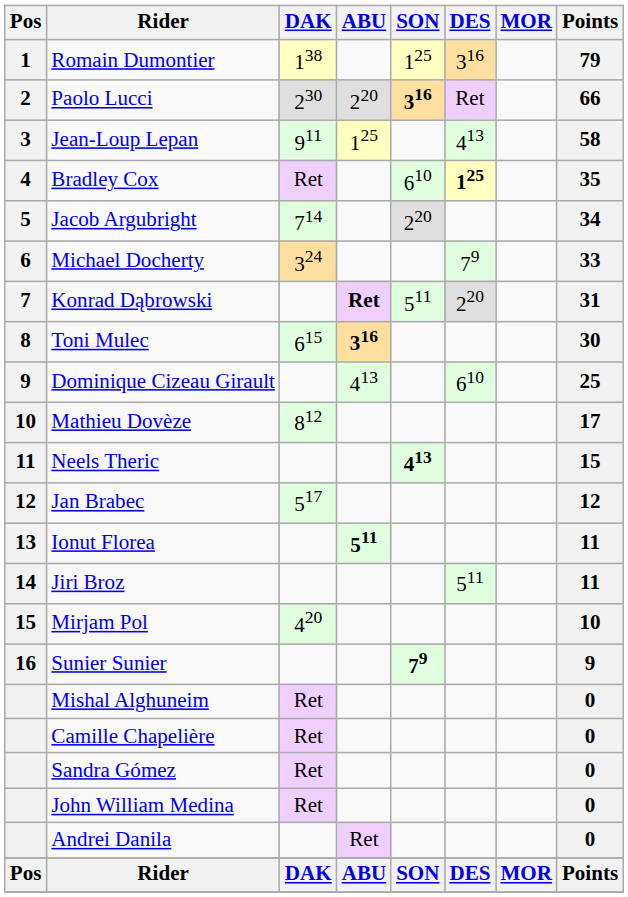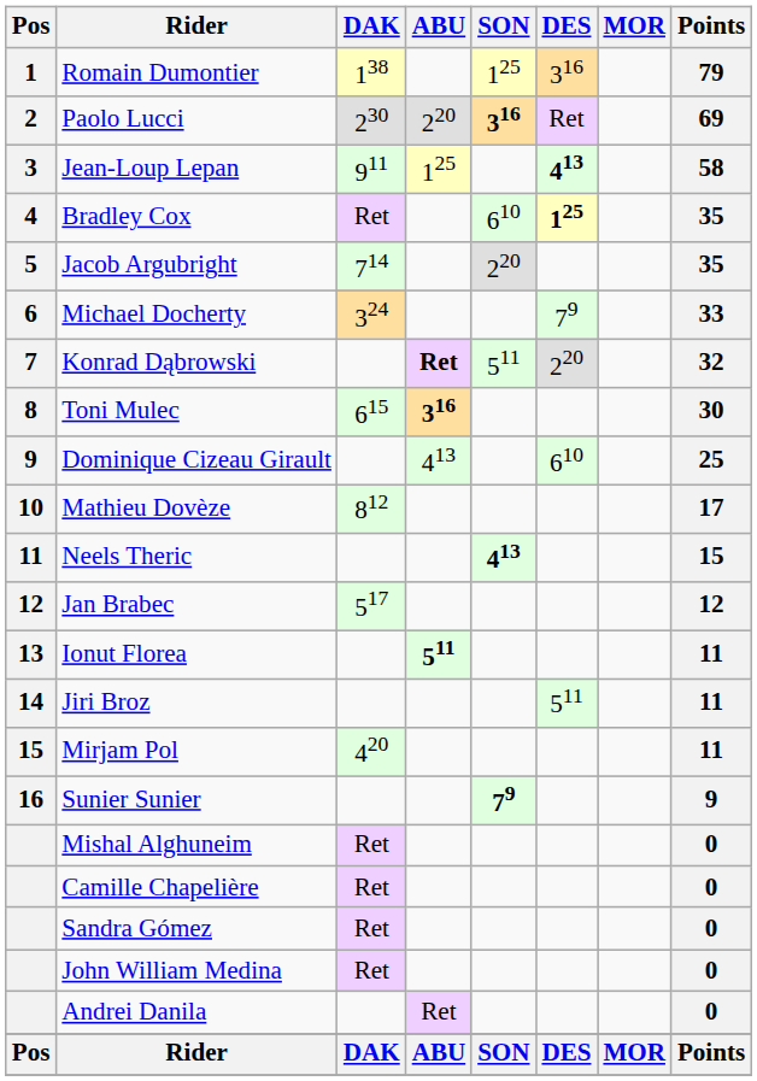 <table class="wikitable" style="font-size: 85%; text-align: center; display: inline-table;">
 <tr valign="top">
 <th valign="middle">Pos</th>
 <th valign="middle">Rider</th>
 <th><a href='#'>DAK</a><br></th>
 <th><a href='#'>ABU</a><br></th>
 <th><a href='#'>SON</a><br></th>
 <th><a href='#'>DES</a><br></th>
 <th><a href='#'>MOR</a><br></th>
 <th valign="middle">Points</th>
 </tr>
 <tr>
 <th>1</th>
 <td align=left> <a href='#'>Romain Dumontier</a></td>
 <td style="background:#ffffbf;">1<sup>38</sup></td>
 <td></td>
 <td style="background:#ffffbf;">1<sup>25</sup></td>
 <td style="background:#ffdf9f;">3<sup>16</sup></td>
 <td></td>
 <th>79</th>
 </tr>
 <tr>
 <th>2</th>
 <td align=left> <a href='#'>Paolo Lucci</a></td>
 <td style="background:#dfdfdf;">2<sup>30</sup></td>
 <td style="background:#dfdfdf;">2<sup>20</sup></td>
 <td style="background:#ffdf9f;"><strong>3<sup>16</sup></strong></td>
 <td style="background:#efcfff;">Ret</td>
 <td></td>
-<th>66</th>
+<th>69</th>
 </tr>
 <tr>
 <th>3</th>
 <td align=left> <a href='#'>Jean-Loup Lepan</a></td>
 <td style="background:#dfffdf;">9<sup>11</sup></td>
 <td style="background:#ffffbf;">1<sup>25</sup></td>
 <td></td>
-<td style="background:#dfffdf;">4<sup>13</sup></td>
+<td style="background:#dfffdf;"><strong>4<sup>13</sup></strong></td>
 <td></td>
 <th>58</th>
 </tr>
 <tr>
 <th>4</th>
 <td align=left> <a href='#'>Bradley Cox</a></td>
 <td style="background:#efcfff;">Ret</td>
 <td></td>
 <td style="background:#dfffdf;">6<sup>10</sup></td>
 <td style="background:#ffffbf;"><strong>1<sup>25</sup></strong></td>
 <td></td>
 <th>35</th>
 </tr>
 <tr>
 <th>5</th>
 <td align=left> <a href='#'>Jacob Argubright</a></td>
 <td style="background:#dfffdf;">7<sup>14</sup></td>
 <td></td>
 <td style="background:#dfdfdf;">2<sup>20</sup></td>
 <td></td>
 <td></td>
-<th>34</th>
+<th>35</th>
 </tr>
 <tr>
 <th>6</th>
 <td align=left> <a href='#'>Michael Docherty</a></td>
 <td style="background:#ffdf9f;">3<sup>24</sup></td>
 <td></td>
 <td></td>
 <td style="background:#dfffdf;">7<sup>9</sup></td>
 <td></td>
 <th>33</th>
 </tr>
 <tr>
 <th>7</th>
 <td align=left> <a href='#'>Konrad Dąbrowski</a></td>
 <td></td>
 <td style="background:#efcfff;"><strong>Ret</strong></td>
 <td style="background:#dfffdf;">5<sup>11</sup></td>
 <td style="background:#dfdfdf;">2<sup>20</sup></td>
 <td></td>
-<th>31</th>
+<th>32</th>
 </tr>
 <tr>
 <th>8</th>
 <td align=left> <a href='#'>Toni Mulec</a></td>
 <td style="background:#dfffdf;">6<sup>15</sup></td>
 <td style="background:#ffdf9f;"><strong>3<sup>16</sup></strong></td>
 <td></td>
 <td></td>
 <td></td>
 <th>30</th>
 </tr>
 <tr>
 <th>9</th>
 <td align=left> <a href='#'>Dominique Cizeau Girault</a></td>
 <td></td>
 <td style="background:#dfffdf;">4<sup>13</sup></td>
 <td></td>
 <td style="background:#dfffdf;">6<sup>10</sup></td>
 <td></td>
 <th>25</th>
 </tr>
 <tr>
 <th>10</th>
 <td align=left> <a href='#'>Mathieu Dovèze</a></td>
 <td style="background:#dfffdf;">8<sup>12</sup></td>
 <td></td>
 <td></td>
 <td></td>
 <td></td>
 <th>17</th>
 </tr>
 <tr>
 <th>11</th>
 <td align=left> <a href='#'>Neels Theric</a></td>
 <td></td>
 <td></td>
 <td style="background:#dfffdf;"><strong>4<sup>13</sup></strong></td>
 <td></td>
 <td></td>
 <th>15</th>
 </tr>
 <tr>
 <th>12</th>
 <td align=left> <a href='#'>Jan Brabec</a></td>
 <td style="background:#dfffdf;">5<sup>17</sup></td>
 <td></td>
 <td></td>
 <td></td>
 <td></td>
 <th>12</th>
 </tr>
 <tr>
 <th>13</th>
 <td align=left> <a href='#'>Ionut Florea</a></td>
 <td></td>
 <td style="background:#dfffdf;"><strong>5<sup>11</sup></strong></td>
 <td></td>
 <td></td>
 <td></td>
 <th>11</th>
 </tr>
 <tr>
 <th>14</th>
 <td align=left> <a href='#'>Jiri Broz</a></td>
 <td></td>
 <td></td>
 <td></td>
 <td style="background:#dfffdf;">5<sup>11</sup></td>
 <td></td>
 <th>11</th>
 </tr>
 <tr>
 <th>15</th>
 <td align=left> <a href='#'>Mirjam Pol</a></td>
 <td style="background:#dfffdf;">4<sup>20</sup></td>
 <td></td>
 <td></td>
 <td></td>
 <td></td>
-<th>10</th>
+<th>11</th>
 </tr>
 <tr>
 <th>16</th>
 <td align=left> <a href='#'>Sunier Sunier</a></td>
 <td></td>
 <td></td>
 <td style="background:#dfffdf;"><strong>7<sup>9</sup></strong></td>
 <td></td>
 <td></td>
 <th>9</th>
 </tr>
 <tr>
 <th></th>
 <td align=left> <a href='#'>Mishal Alghuneim</a></td>
 <td style="background:#efcfff;">Ret</td>
 <td></td>
 <td></td>
 <td></td>
 <td></td>
 <th>0</th>
 </tr>
 <tr>
 <th></th>
 <td align=left> <a href='#'>Camille Chapelière</a></td>
 <td style="background:#efcfff;">Ret</td>
 <td></td>
 <td></td>
 <td></td>
 <td></td>
 <th>0</th>
 </tr>
 <tr>
 <th></th>
 <td align=left> <a href='#'>Sandra Gómez</a></td>
 <td style="background:#efcfff;">Ret</td>
 <td></td>
 <td></td>
 <td></td>
 <td></td>
 <th>0</th>
 </tr>
 <tr>
 <th></th>
 <td align=left> <a href='#'>John William Medina</a></td>
 <td style="background:#efcfff;">Ret</td>
 <td></td>
 <td></td>
 <td></td>
 <td></td>
 <th>0</th>
 </tr>
 <tr>
 <th></th>
 <td align=left> <a href='#'>Andrei Danila</a></td>
 <td></td>
 <td style="background:#efcfff;">Ret</td>
 <td></td>
 <td></td>
 <td></td>
 <th>0</th>
 </tr>
 <tr>
 </tr>
 <tr valign="top">
 <th valign="middle">Pos</th>
 <th valign="middle">Rider</th>
 <th><a href='#'>DAK</a><br></th>
 <th><a href='#'>ABU</a><br></th>
 <th><a href='#'>SON</a><br></th>
 <th><a href='#'>DES</a><br></th>
 <th><a href='#'>MOR</a><br></th>
 <th valign="middle">Points</th>
 </tr>
 <tr>
 </tr>
 </table>
